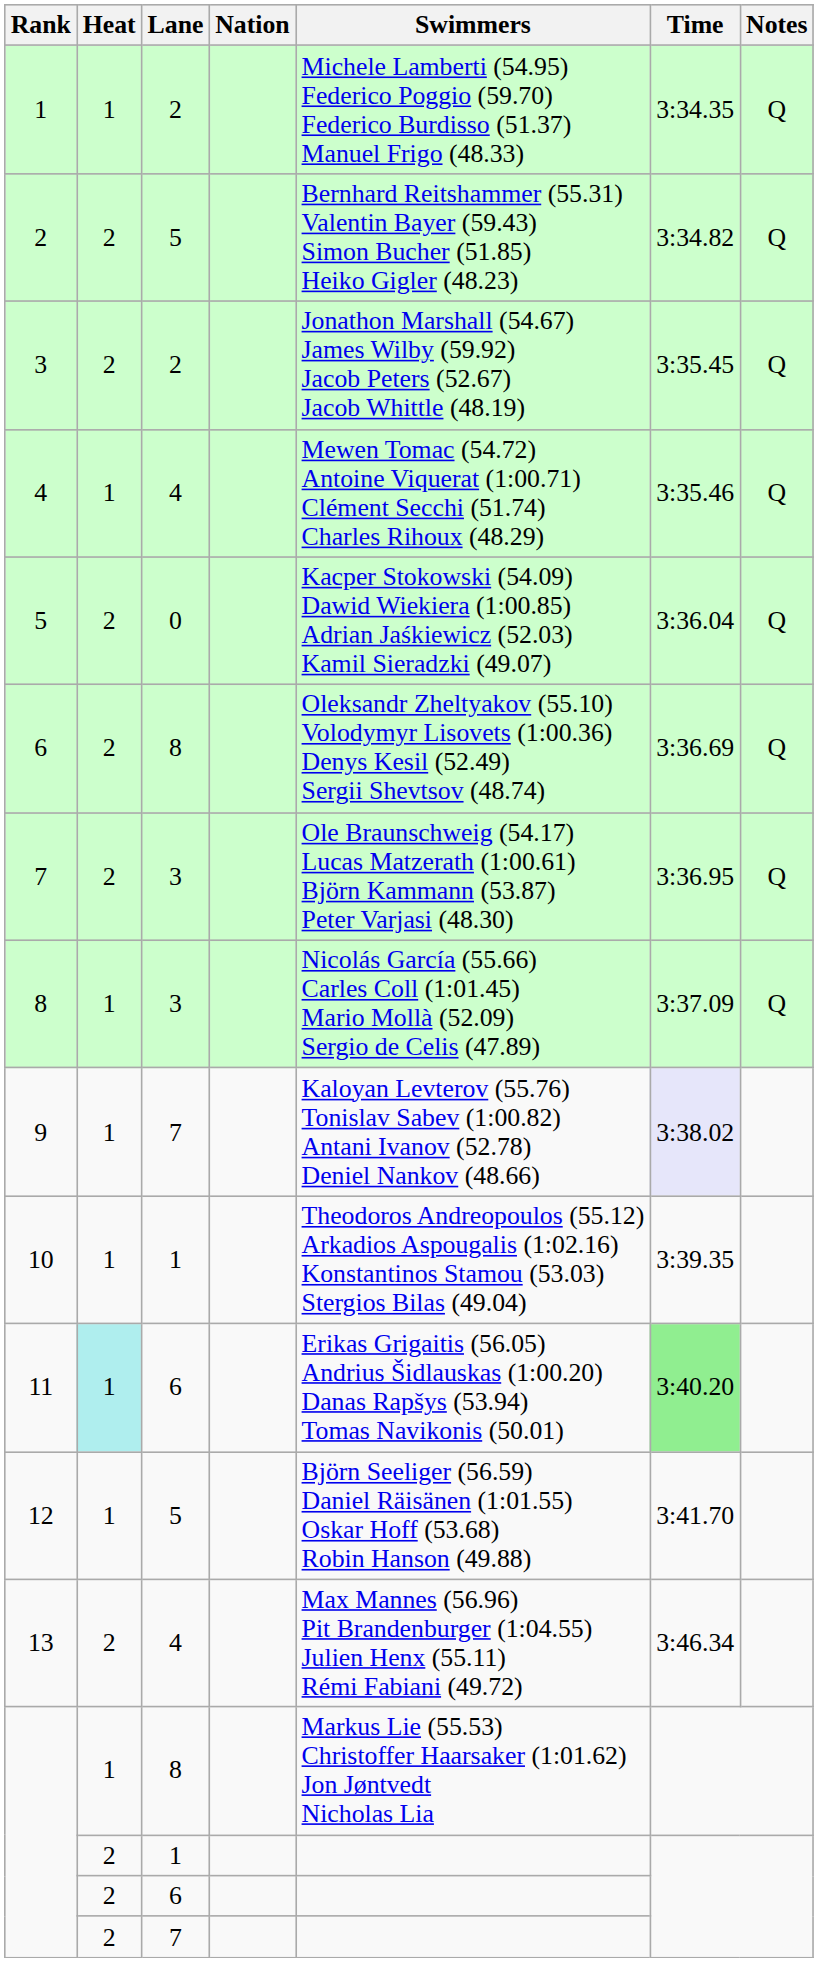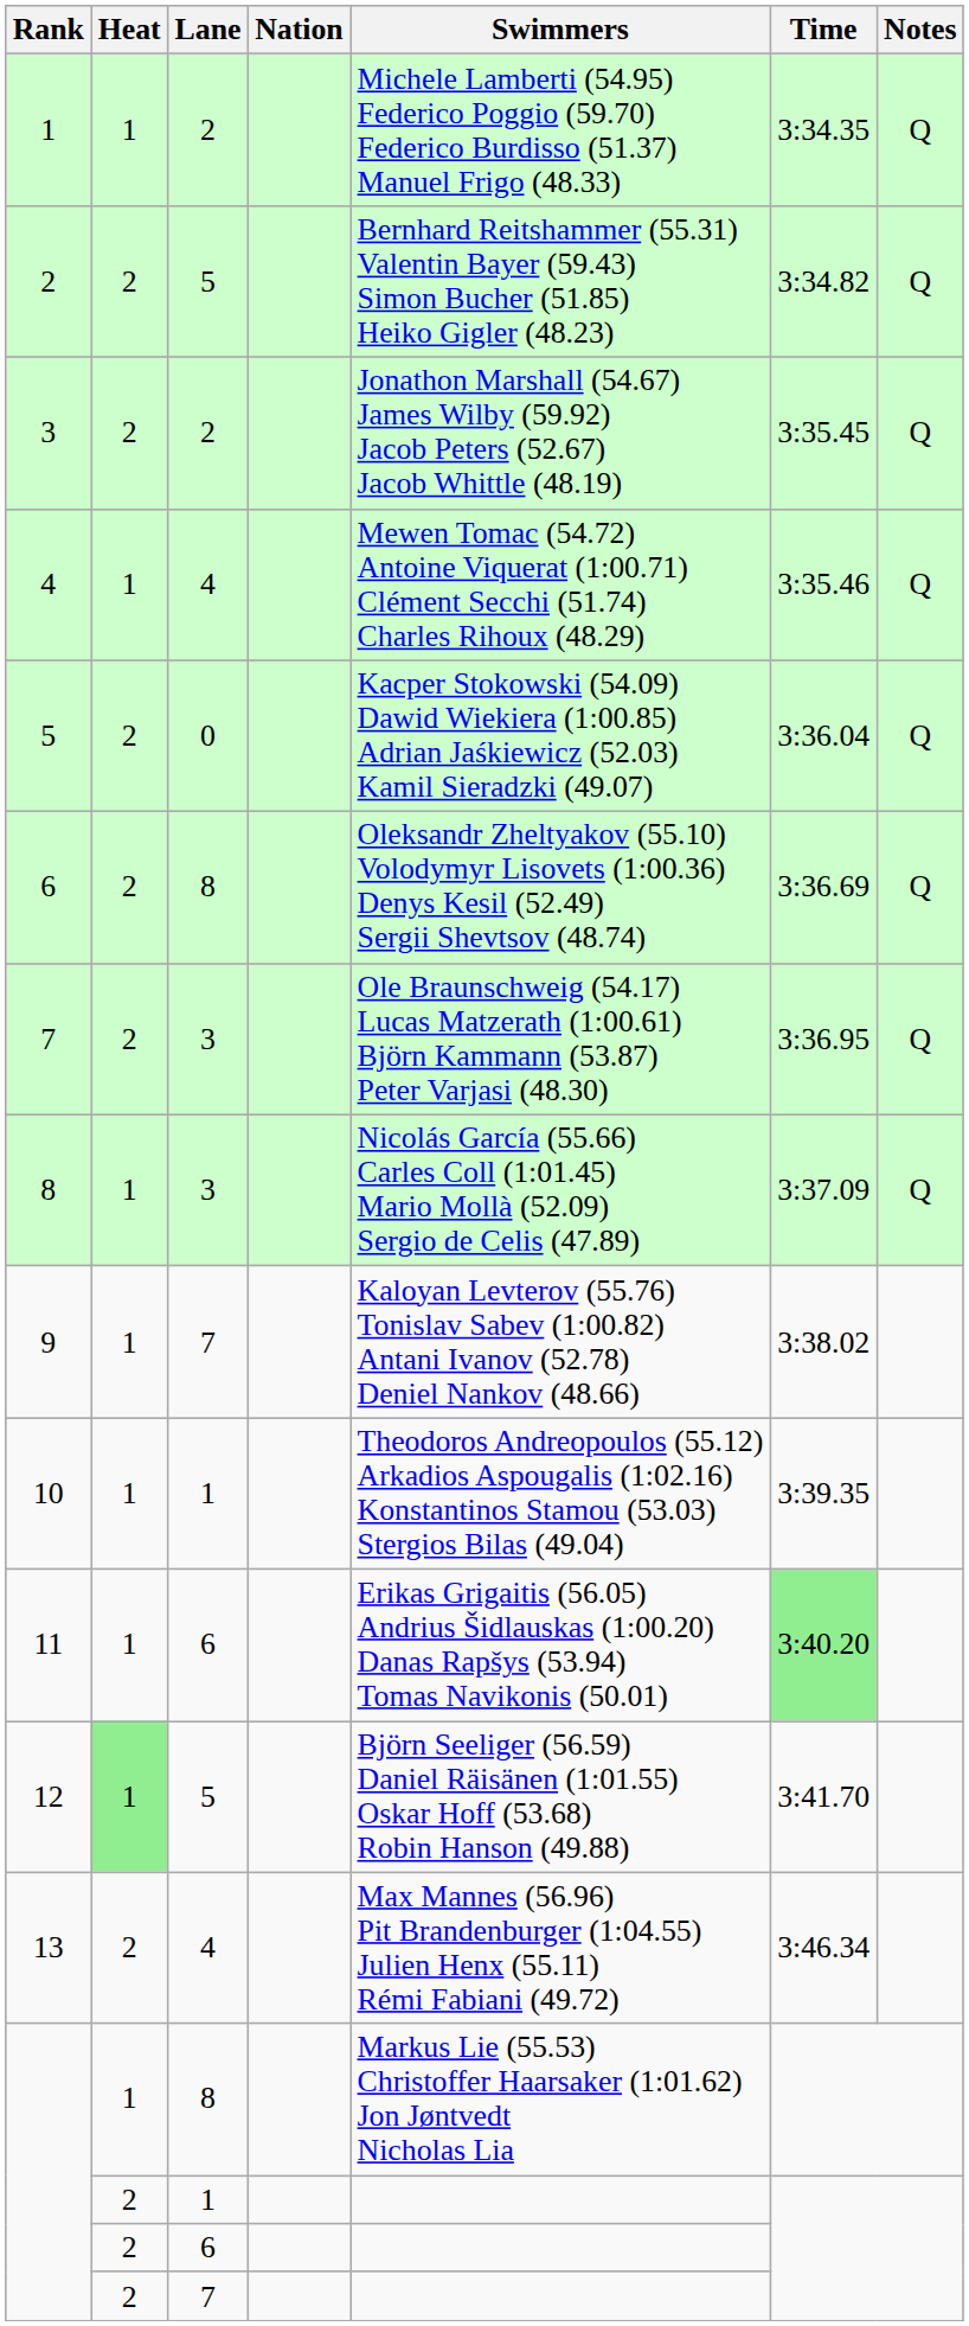 <table class="wikitable sortable" style="text-align:center">
 <tr>
 <th>Rank</th>
 <th>Heat</th>
 <th>Lane</th>
 <th>Nation</th>
 <th>Swimmers</th>
 <th>Time</th>
 <th>Notes</th>
 </tr>
 <tr bgcolor=ccffcc>
 <td>1</td>
 <td>1</td>
 <td>2</td>
 <td align=left></td>
 <td align=left><a href='#'>Michele Lamberti</a> (54.95)<br><a href='#'>Federico Poggio</a> (59.70)<br><a href='#'>Federico Burdisso</a> (51.37)<br><a href='#'>Manuel Frigo</a> (48.33)</td>
 <td>3:34.35</td>
 <td>Q</td>
 </tr>
 <tr bgcolor=ccffcc>
 <td>2</td>
 <td>2</td>
 <td>5</td>
 <td align=left></td>
 <td align=left><a href='#'>Bernhard Reitshammer</a> (55.31)<br><a href='#'>Valentin Bayer</a> (59.43)<br><a href='#'>Simon Bucher</a> (51.85)<br><a href='#'>Heiko Gigler</a> (48.23)</td>
 <td>3:34.82</td>
 <td>Q</td>
 </tr>
 <tr bgcolor=ccffcc>
 <td>3</td>
 <td>2</td>
 <td>2</td>
 <td align=left></td>
 <td align=left><a href='#'>Jonathon Marshall</a> (54.67)<br><a href='#'>James Wilby</a> (59.92)<br><a href='#'>Jacob Peters</a> (52.67)<br><a href='#'>Jacob Whittle</a> (48.19)</td>
 <td>3:35.45</td>
 <td>Q</td>
 </tr>
 <tr bgcolor=ccffcc>
 <td>4</td>
 <td>1</td>
 <td>4</td>
 <td align=left></td>
 <td align=left><a href='#'>Mewen Tomac</a> (54.72)<br><a href='#'>Antoine Viquerat</a> (1:00.71)<br><a href='#'>Clément Secchi</a> (51.74)<br><a href='#'>Charles Rihoux</a> (48.29)</td>
 <td>3:35.46</td>
 <td>Q</td>
 </tr>
 <tr bgcolor=ccffcc>
 <td>5</td>
 <td>2</td>
 <td>0</td>
 <td align=left></td>
 <td align=left><a href='#'>Kacper Stokowski</a> (54.09)<br><a href='#'>Dawid Wiekiera</a> (1:00.85)<br><a href='#'>Adrian Jaśkiewicz</a> (52.03)<br><a href='#'>Kamil Sieradzki</a> (49.07)</td>
 <td>3:36.04</td>
 <td>Q</td>
 </tr>
 <tr bgcolor=ccffcc>
 <td>6</td>
 <td>2</td>
 <td>8</td>
 <td align=left></td>
 <td align=left><a href='#'>Oleksandr Zheltyakov</a> (55.10)<br><a href='#'>Volodymyr Lisovets</a> (1:00.36)<br><a href='#'>Denys Kesil</a> (52.49)<br><a href='#'>Sergii Shevtsov</a> (48.74)</td>
 <td>3:36.69</td>
 <td>Q</td>
 </tr>
 <tr bgcolor=ccffcc>
 <td>7</td>
 <td>2</td>
 <td>3</td>
 <td align=left></td>
 <td align=left><a href='#'>Ole Braunschweig</a> (54.17)<br><a href='#'>Lucas Matzerath</a> (1:00.61)<br><a href='#'>Björn Kammann</a> (53.87)<br><a href='#'>Peter Varjasi</a> (48.30)</td>
 <td>3:36.95</td>
 <td>Q</td>
 </tr>
 <tr bgcolor=ccffcc>
 <td>8</td>
 <td>1</td>
 <td>3</td>
 <td align=left></td>
 <td align=left><a href='#'>Nicolás García</a> (55.66)<br><a href='#'>Carles Coll</a> (1:01.45)<br><a href='#'>Mario Mollà</a> (52.09)<br><a href='#'>Sergio de Celis</a> (47.89)</td>
 <td>3:37.09</td>
 <td>Q</td>
 </tr>
 <tr>
 <td>9</td>
 <td>1</td>
 <td>7</td>
 <td align=left></td>
 <td align=left><a href='#'>Kaloyan Levterov</a> (55.76)<br><a href='#'>Tonislav Sabev</a> (1:00.82)<br><a href='#'>Antani Ivanov</a> (52.78)<br><a href='#'>Deniel Nankov</a> (48.66)</td>
-<td style="background: lavender;">3:38.02</td>
+<td>3:38.02</td>
 <td></td>
 </tr>
 <tr>
 <td>10</td>
 <td>1</td>
 <td>1</td>
 <td align=left></td>
 <td align=left><a href='#'>Theodoros Andreopoulos</a> (55.12)<br><a href='#'>Arkadios Aspougalis</a> (1:02.16)<br><a href='#'>Konstantinos Stamou</a> (53.03)<br><a href='#'>Stergios Bilas</a> (49.04)</td>
 <td>3:39.35</td>
 <td></td>
 </tr>
 <tr>
 <td>11</td>
-<td style="background: paleturquoise;">1</td>
+<td>1</td>
 <td>6</td>
 <td align=left></td>
 <td align=left><a href='#'>Erikas Grigaitis</a> (56.05)<br><a href='#'>Andrius Šidlauskas</a> (1:00.20)<br><a href='#'>Danas Rapšys</a> (53.94)<br><a href='#'>Tomas Navikonis</a> (50.01)</td>
 <td style="background: lightgreen;">3:40.20</td>
 <td></td>
 </tr>
 <tr>
 <td>12</td>
-<td>1</td>
+<td style="background: lightgreen;">1</td>
 <td>5</td>
 <td align=left></td>
 <td align=left><a href='#'>Björn Seeliger</a> (56.59)<br><a href='#'>Daniel Räisänen</a> (1:01.55)<br><a href='#'>Oskar Hoff</a> (53.68)<br><a href='#'>Robin Hanson</a> (49.88)</td>
 <td>3:41.70</td>
 <td></td>
 </tr>
 <tr>
 <td>13</td>
 <td>2</td>
 <td>4</td>
 <td align=left></td>
 <td align=left><a href='#'>Max Mannes</a> (56.96)<br><a href='#'>Pit Brandenburger</a> (1:04.55)<br><a href='#'>Julien Henx</a> (55.11)<br><a href='#'>Rémi Fabiani</a> (49.72)</td>
 <td>3:46.34</td>
 <td></td>
 </tr>
 <tr>
 <td rowspan=4></td>
 <td>1</td>
 <td>8</td>
 <td align=left></td>
 <td align=left><a href='#'>Markus Lie</a> (55.53)<br><a href='#'>Christoffer Haarsaker</a> (1:01.62)<br><a href='#'>Jon Jøntvedt</a><br><a href='#'>Nicholas Lia</a></td>
 <td colspan=2></td>
 </tr>
 <tr>
 <td>2</td>
 <td>1</td>
 <td align=left></td>
 <td align=left></td>
 <td colspan=2 rowspan=3></td>
 </tr>
 <tr>
 <td>2</td>
 <td>6</td>
 <td align=left></td>
 <td align=left></td>
 </tr>
 <tr>
 <td>2</td>
 <td>7</td>
 <td align=left></td>
 <td align=left></td>
 </tr>
 </table>
